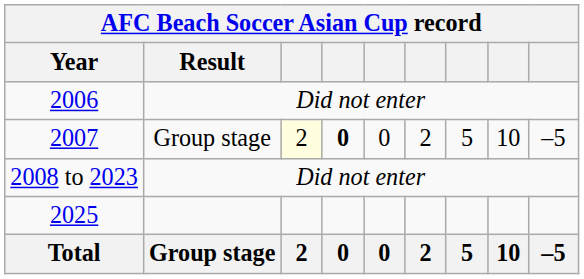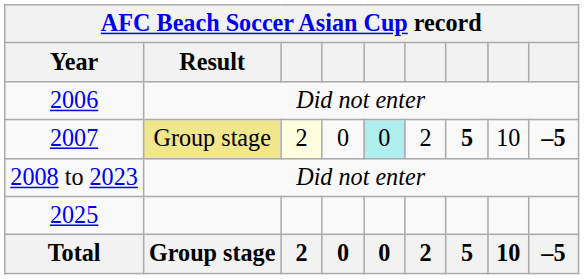 <table class="wikitable" style="text-align: center;">
 <tr>
 <th colspan="9"><a href='#'>AFC Beach Soccer Asian Cup</a> record</th>
 </tr>
 <tr>
 <th>Year</th>
 <th>Result</th>
 <th width="20"></th>
 <th width="20"></th>
 <th width="20"></th>
 <th width="20"></th>
 <th width="20"></th>
 <th width="20"></th>
 <th width="25"></th>
 </tr>
 <tr>
 <td> <a href='#'>2006</a></td>
 <td colspan="8"><em>Did not enter</em></td>
 </tr>
 <tr>
 <td> <a href='#'>2007</a></td>
-<td>Group stage</td>
+<td style="background: khaki;">Group stage</td>
 <td style="background: lightyellow;">2</td>
-<td><strong>0</strong></td>
 <td>0</td>
+<td style="background: paleturquoise;">0</td>
 <td>2</td>
-<td>5</td>
+<td><strong>5</strong></td>
 <td>10</td>
-<td>–5</td>
+<td><strong>–5</strong></td>
 </tr>
 <tr>
 <td> <a href='#'>2008</a> to  <a href='#'>2023</a></td>
 <td colspan="8"><em>Did not enter</em></td>
 </tr>
 <tr>
 <td> <a href='#'>2025</a></td>
 <td></td>
 <td></td>
 <td></td>
 <td></td>
 <td></td>
 <td></td>
 <td></td>
 <td></td>
 </tr>
 <tr>
 <th>Total</th>
 <th>Group stage</th>
 <th>2</th>
 <th>0</th>
 <th>0</th>
 <th>2</th>
 <th>5</th>
 <th>10</th>
 <th>–5</th>
 </tr>
 </table>
